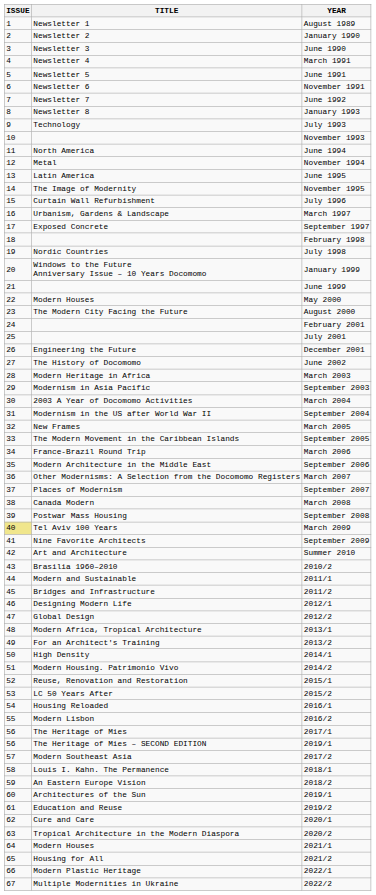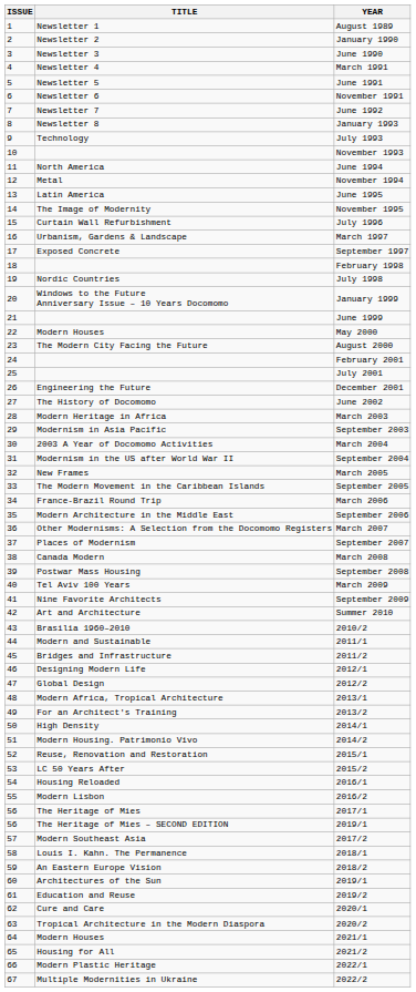 <table class="wikitable">
 <tr>
 <th>ISSUE</th>
 <th>TITLE</th>
 <th>YEAR</th>
 </tr>
 <tr>
 <td>1</td>
 <td>Newsletter 1</td>
 <td>August 1989</td>
 </tr>
 <tr>
 <td>2</td>
 <td>Newsletter 2</td>
 <td>January 1990</td>
 </tr>
 <tr>
 <td>3</td>
 <td>Newsletter 3</td>
 <td>June 1990</td>
 </tr>
 <tr>
 <td>4</td>
 <td>Newsletter 4</td>
 <td>March 1991</td>
 </tr>
 <tr>
 <td>5</td>
 <td>Newsletter 5</td>
 <td>June 1991</td>
 </tr>
 <tr>
 <td>6</td>
 <td>Newsletter 6</td>
 <td>November 1991</td>
 </tr>
 <tr>
 <td>7</td>
 <td>Newsletter 7</td>
 <td>June 1992</td>
 </tr>
 <tr>
 <td>8</td>
 <td>Newsletter 8</td>
 <td>January 1993</td>
 </tr>
 <tr>
 <td>9</td>
 <td>Technology</td>
 <td>July 1993</td>
 </tr>
 <tr>
 <td>10</td>
 <td></td>
 <td>November 1993</td>
 </tr>
 <tr>
 <td>11</td>
 <td>North America</td>
 <td>June 1994</td>
 </tr>
 <tr>
 <td>12</td>
 <td>Metal</td>
 <td>November 1994</td>
 </tr>
 <tr>
 <td>13</td>
 <td>Latin America</td>
 <td>June 1995</td>
 </tr>
 <tr>
 <td>14</td>
 <td>The Image of Modernity</td>
 <td>November 1995</td>
 </tr>
 <tr>
 <td>15</td>
 <td>Curtain Wall Refurbishment</td>
 <td>July 1996</td>
 </tr>
 <tr>
 <td>16</td>
 <td>Urbanism, Gardens & Landscape</td>
 <td>March 1997</td>
 </tr>
 <tr>
 <td>17</td>
 <td>Exposed Concrete</td>
 <td>September 1997</td>
 </tr>
 <tr>
 <td>18</td>
 <td></td>
 <td>February 1998</td>
 </tr>
 <tr>
 <td>19</td>
 <td>Nordic Countries</td>
 <td>July 1998</td>
 </tr>
 <tr>
 <td>20</td>
 <td>Windows to the Future<br>Anniversary Issue – 10 Years Docomomo</td>
 <td>January 1999</td>
 </tr>
 <tr>
 <td>21</td>
 <td></td>
 <td>June 1999</td>
 </tr>
 <tr>
 <td>22</td>
 <td>Modern Houses</td>
 <td>May 2000</td>
 </tr>
 <tr>
 <td>23</td>
 <td>The Modern City Facing the Future</td>
 <td>August 2000</td>
 </tr>
 <tr>
 <td>24</td>
 <td></td>
 <td>February 2001</td>
 </tr>
 <tr>
 <td>25</td>
 <td></td>
 <td>July 2001</td>
 </tr>
 <tr>
 <td>26</td>
 <td>Engineering the Future</td>
 <td>December 2001</td>
 </tr>
 <tr>
 <td>27</td>
 <td>The History of Docomomo</td>
 <td>June 2002</td>
 </tr>
 <tr>
 <td>28</td>
 <td>Modern Heritage in Africa</td>
 <td>March 2003</td>
 </tr>
 <tr>
 <td>29</td>
 <td>Modernism in Asia Pacific</td>
 <td>September 2003</td>
 </tr>
 <tr>
 <td>30</td>
 <td>2003 A Year of Docomomo Activities</td>
 <td>March 2004</td>
 </tr>
 <tr>
 <td>31</td>
 <td>Modernism in the US after World War II</td>
 <td>September 2004</td>
 </tr>
 <tr>
 <td>32</td>
 <td>New Frames</td>
 <td>March 2005</td>
 </tr>
 <tr>
 <td>33</td>
 <td>The Modern Movement in the Caribbean Islands</td>
 <td>September 2005</td>
 </tr>
 <tr>
 <td>34</td>
 <td>France-Brazil Round Trip</td>
 <td>March 2006</td>
 </tr>
 <tr>
 <td>35</td>
 <td>Modern Architecture in the Middle East</td>
 <td>September 2006</td>
 </tr>
 <tr>
 <td>36</td>
 <td>Other Modernisms: A Selection from the Docomomo Registers</td>
 <td>March 2007</td>
 </tr>
 <tr>
 <td>37</td>
 <td>Places of Modernism</td>
 <td>September 2007</td>
 </tr>
 <tr>
 <td>38</td>
 <td>Canada Modern</td>
 <td>March 2008</td>
 </tr>
 <tr>
 <td>39</td>
 <td>Postwar Mass Housing</td>
 <td>September 2008</td>
 </tr>
 <tr>
-<td style="background: khaki;">40</td>
+<td>40</td>
 <td>Tel Aviv 100 Years</td>
 <td>March 2009</td>
 </tr>
 <tr>
 <td>41</td>
 <td>Nine Favorite Architects</td>
 <td>September 2009</td>
 </tr>
 <tr>
 <td>42</td>
 <td>Art and Architecture</td>
 <td>Summer 2010</td>
 </tr>
 <tr>
 <td>43</td>
 <td>Brasilia 1960–2010</td>
 <td>2010/2</td>
 </tr>
 <tr>
 <td>44</td>
 <td>Modern and Sustainable</td>
 <td>2011/1</td>
 </tr>
 <tr>
 <td>45</td>
 <td>Bridges and Infrastructure</td>
 <td>2011/2</td>
 </tr>
 <tr>
 <td>46</td>
 <td>Designing Modern Life</td>
 <td>2012/1</td>
 </tr>
 <tr>
 <td>47</td>
 <td>Global Design</td>
 <td>2012/2</td>
 </tr>
 <tr>
 <td>48</td>
 <td>Modern Africa, Tropical Architecture</td>
 <td>2013/1</td>
 </tr>
 <tr>
 <td>49</td>
 <td>For an Architect's Training</td>
 <td>2013/2</td>
 </tr>
 <tr>
 <td>50</td>
 <td>High Density</td>
 <td>2014/1</td>
 </tr>
 <tr>
 <td>51</td>
 <td>Modern Housing. Patrimonio Vivo</td>
 <td>2014/2</td>
 </tr>
 <tr>
 <td>52</td>
 <td>Reuse, Renovation and Restoration</td>
 <td>2015/1</td>
 </tr>
 <tr>
 <td>53</td>
 <td>LC 50 Years After</td>
 <td>2015/2</td>
 </tr>
 <tr>
 <td>54</td>
 <td>Housing Reloaded</td>
 <td>2016/1</td>
 </tr>
 <tr>
 <td>55</td>
 <td>Modern Lisbon</td>
 <td>2016/2</td>
 </tr>
 <tr>
 <td>56</td>
 <td>The Heritage of Mies</td>
 <td>2017/1</td>
 </tr>
 <tr>
 <td>56</td>
 <td>The Heritage of Mies – SECOND EDITION</td>
 <td>2019/1</td>
 </tr>
 <tr>
 <td>57</td>
 <td>Modern Southeast Asia</td>
 <td>2017/2</td>
 </tr>
 <tr>
 <td>58</td>
 <td>Louis I. Kahn. The Permanence</td>
 <td>2018/1</td>
 </tr>
 <tr>
 <td>59</td>
 <td>An Eastern Europe Vision</td>
 <td>2018/2</td>
 </tr>
 <tr>
 <td>60</td>
 <td>Architectures of the Sun</td>
 <td>2019/1</td>
 </tr>
 <tr>
 <td>61</td>
 <td>Education and Reuse</td>
 <td>2019/2</td>
 </tr>
 <tr>
 <td>62</td>
 <td>Cure and Care</td>
 <td>2020/1</td>
 </tr>
 <tr>
 <td>63</td>
 <td>Tropical Architecture in the Modern Diaspora</td>
 <td>2020/2</td>
 </tr>
 <tr>
 <td>64</td>
 <td>Modern Houses</td>
 <td>2021/1</td>
 </tr>
 <tr>
 <td>65</td>
 <td>Housing for All</td>
 <td>2021/2</td>
 </tr>
 <tr>
 <td>66</td>
 <td>Modern Plastic Heritage</td>
 <td>2022/1</td>
 </tr>
 <tr>
 <td>67</td>
 <td>Multiple Modernities in Ukraine</td>
 <td>2022/2</td>
 </tr>
 </table>
